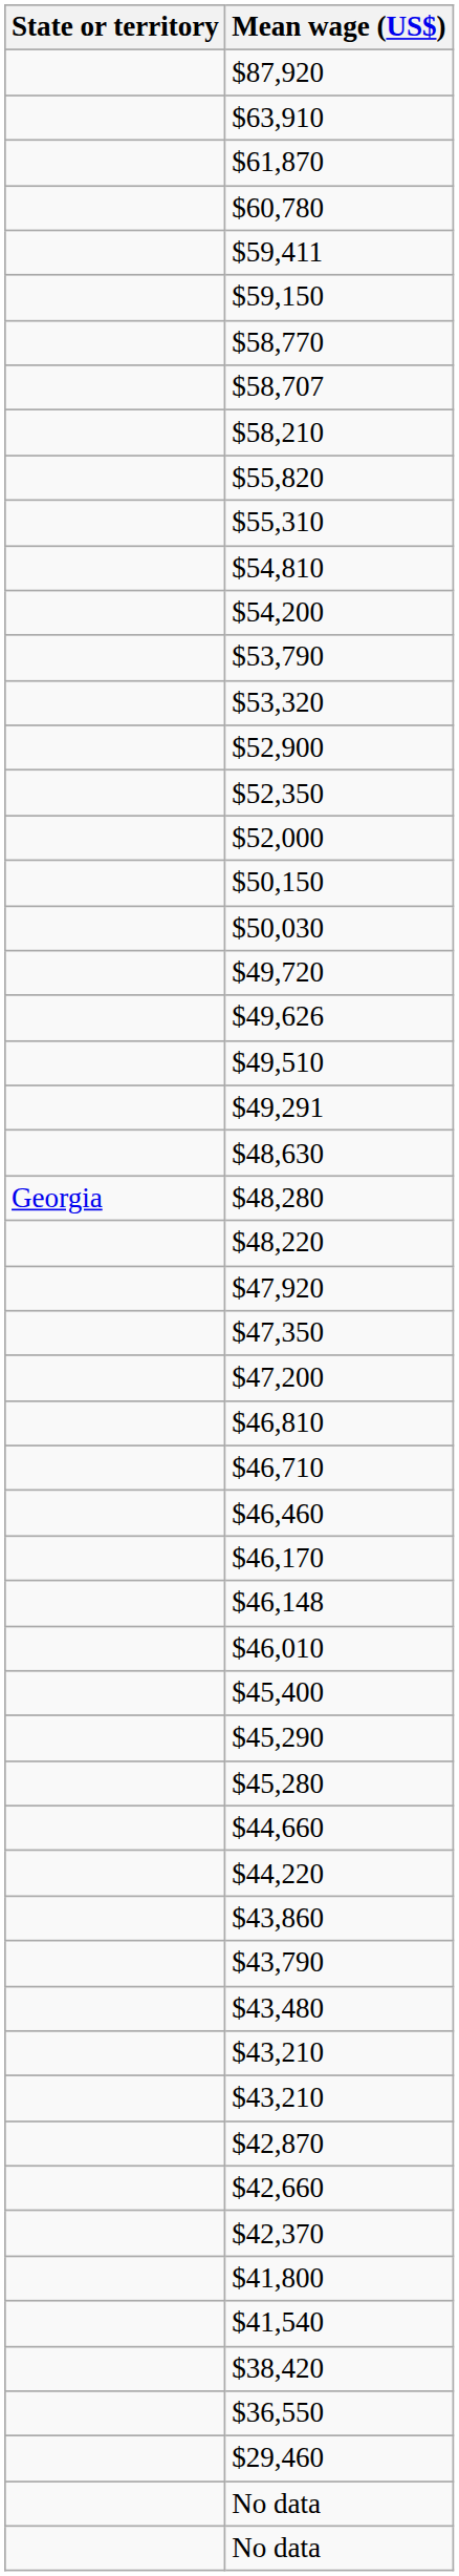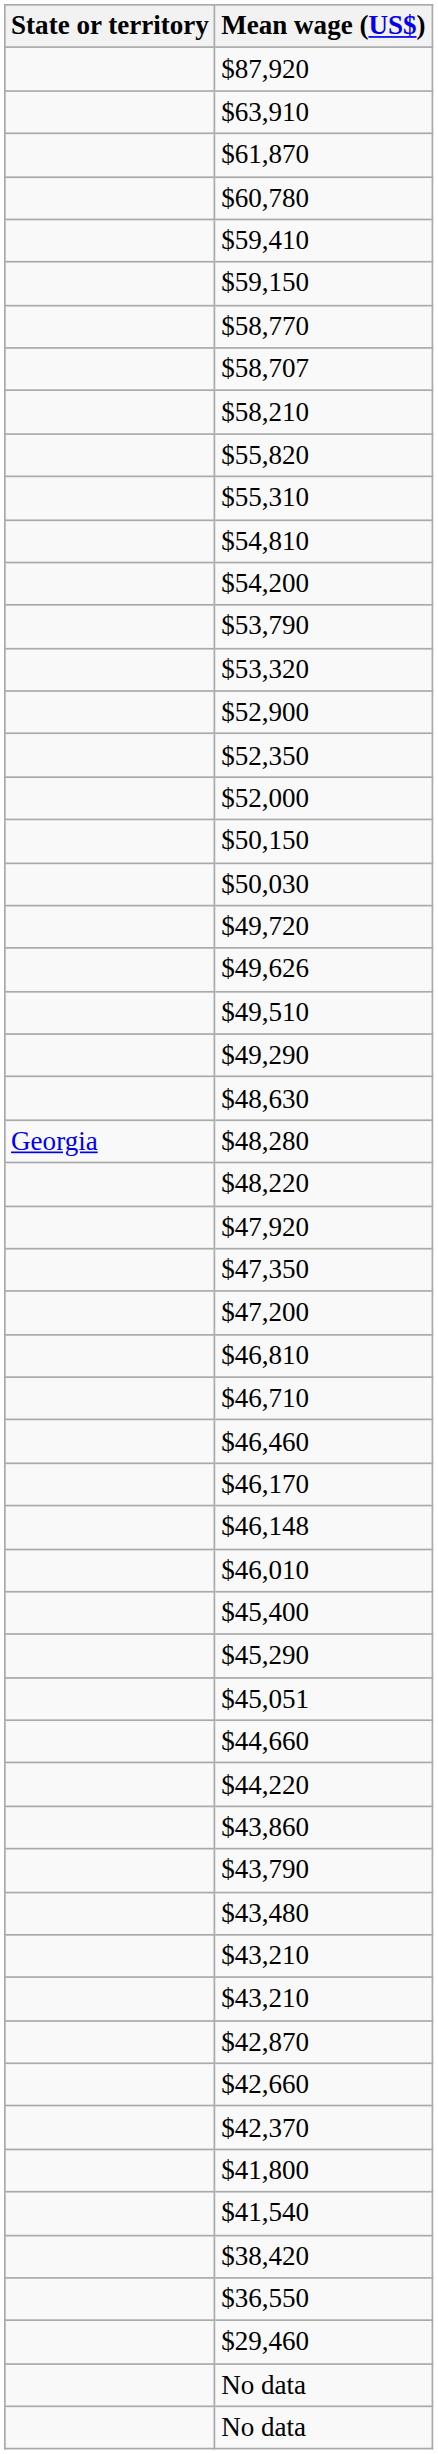 <table class="wikitable sortable static-row-numbers mw-datatable sticky-table-head">
 <tr>
 <th>State or territory</th>
 <th>Mean wage (<a href='#'>US$</a>)</th>
 </tr>
 <tr>
 <td></td>
 <td>$87,920</td>
 </tr>
 <tr>
 <td></td>
 <td>$63,910</td>
 </tr>
 <tr>
 <td></td>
 <td>$61,870</td>
 </tr>
 <tr>
 <td></td>
 <td>$60,780</td>
 </tr>
 <tr>
 <td></td>
-<td>$59,411</td>
+<td>$59,410</td>
 </tr>
 <tr>
 <td></td>
 <td>$59,150</td>
 </tr>
 <tr>
 <td></td>
 <td>$58,770</td>
 </tr>
 <tr>
 <td></td>
 <td>$58,707</td>
 </tr>
 <tr>
 <td></td>
 <td>$58,210</td>
 </tr>
 <tr>
 <td></td>
 <td>$55,820</td>
 </tr>
 <tr>
 <td></td>
 <td>$55,310</td>
 </tr>
 <tr>
 <td></td>
 <td>$54,810</td>
 </tr>
 <tr>
 <td></td>
 <td>$54,200</td>
 </tr>
 <tr>
 <td></td>
 <td>$53,790</td>
 </tr>
 <tr>
 <td></td>
 <td>$53,320</td>
 </tr>
 <tr>
 <td></td>
 <td>$52,900</td>
 </tr>
 <tr>
 <td></td>
 <td>$52,350</td>
 </tr>
 <tr>
 <td></td>
 <td>$52,000</td>
 </tr>
 <tr>
 <td></td>
 <td>$50,150</td>
 </tr>
 <tr>
 <td></td>
 <td>$50,030</td>
 </tr>
 <tr>
 <td></td>
 <td>$49,720</td>
 </tr>
 <tr>
 <td></td>
 <td>$49,626</td>
 </tr>
 <tr>
 <td></td>
 <td>$49,510</td>
 </tr>
 <tr>
 <td></td>
-<td>$49,291</td>
+<td>$49,290</td>
 </tr>
 <tr>
 <td></td>
 <td>$48,630</td>
 </tr>
 <tr>
 <td> <a href='#'>Georgia</a></td>
 <td>$48,280</td>
 </tr>
 <tr>
 <td></td>
 <td>$48,220</td>
 </tr>
 <tr>
 <td></td>
 <td>$47,920</td>
 </tr>
 <tr>
 <td></td>
 <td>$47,350</td>
 </tr>
 <tr>
 <td></td>
 <td>$47,200</td>
 </tr>
 <tr>
 <td></td>
 <td>$46,810</td>
 </tr>
 <tr>
 <td></td>
 <td>$46,710</td>
 </tr>
 <tr>
 <td></td>
 <td>$46,460</td>
 </tr>
 <tr>
 <td></td>
 <td>$46,170</td>
 </tr>
 <tr>
 <td></td>
 <td>$46,148</td>
 </tr>
 <tr>
 <td></td>
 <td>$46,010</td>
 </tr>
 <tr>
 <td></td>
 <td>$45,400</td>
 </tr>
 <tr>
 <td></td>
 <td>$45,290</td>
 </tr>
 <tr>
 <td></td>
-<td>$45,280</td>
+<td>$45,051</td>
 </tr>
 <tr>
 <td></td>
 <td>$44,660</td>
 </tr>
 <tr>
 <td></td>
 <td>$44,220</td>
 </tr>
 <tr>
 <td></td>
 <td>$43,860</td>
 </tr>
 <tr>
 <td></td>
 <td>$43,790</td>
 </tr>
 <tr>
 <td></td>
 <td>$43,480</td>
 </tr>
 <tr>
 <td></td>
 <td>$43,210</td>
 </tr>
 <tr>
 <td></td>
 <td>$43,210</td>
 </tr>
 <tr>
 <td></td>
 <td>$42,870</td>
 </tr>
 <tr>
 <td></td>
 <td>$42,660</td>
 </tr>
 <tr>
 <td></td>
 <td>$42,370</td>
 </tr>
 <tr>
 <td></td>
 <td>$41,800</td>
 </tr>
 <tr>
 <td></td>
 <td>$41,540</td>
 </tr>
 <tr>
 <td></td>
 <td>$38,420</td>
 </tr>
 <tr>
 <td></td>
 <td>$36,550</td>
 </tr>
 <tr>
 <td></td>
 <td>$29,460</td>
 </tr>
 <tr class=static-row-numbers-norank>
 <td></td>
 <td>No data</td>
 </tr>
 <tr class=static-row-numbers-norank>
 <td></td>
 <td>No data</td>
 </tr>
 </table>
